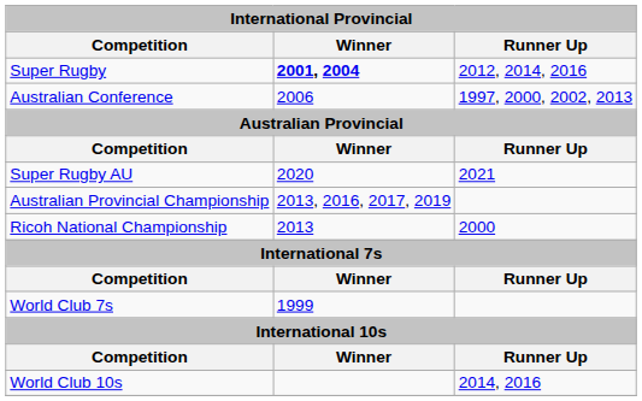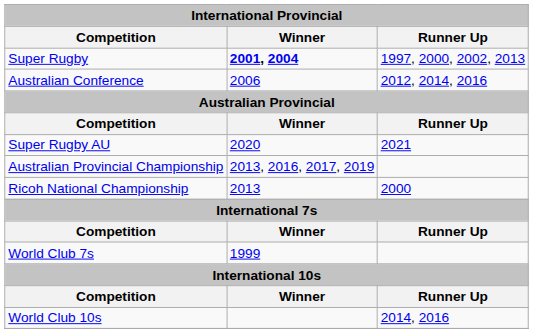 <table class="wikitable" style="text-align:left;margin-left:1em;cellpadding:5;font-size:90%">
 <tr>
 <td bgcolor="#c3c3c3" colspan="3" align="center"><strong>International Provincial</strong></td>
 </tr>
 <tr>
 <th>Competition</th>
 <th>Winner</th>
 <th>Runner Up</th>
 </tr>
 <tr>
 <td><a href='#'>Super Rugby</a></td>
 <td><strong><a href='#'>2001</a>, <a href='#'>2004</a></strong></td>
-<td><a href='#'>2012</a>, <a href='#'>2014</a>, <a href='#'>2016</a></td>
+<td><a href='#'>1997</a>, <a href='#'>2000</a>, <a href='#'>2002</a>, <a href='#'>2013</a></td>
 </tr>
 <tr>
 <td><a href='#'>Australian Conference</a></td>
 <td><a href='#'>2006</a></td>
-<td><a href='#'>1997</a>, <a href='#'>2000</a>, <a href='#'>2002</a>, <a href='#'>2013</a></td>
+<td><a href='#'>2012</a>, <a href='#'>2014</a>, <a href='#'>2016</a></td>
 </tr>
 <tr>
 <td bgcolor="#c3c3c3" colspan="3" align="center"><strong>Australian Provincial</strong></td>
 </tr>
 <tr>
 <th>Competition</th>
 <th>Winner</th>
 <th>Runner Up</th>
 </tr>
 <tr>
 <td><a href='#'>Super Rugby AU</a></td>
 <td><a href='#'>2020</a></td>
 <td><a href='#'>2021</a></td>
 </tr>
 <tr>
 <td><a href='#'>Australian Provincial Championship</a></td>
 <td><a href='#'>2013</a>, <a href='#'>2016</a>, <a href='#'>2017</a>, <a href='#'>2019</a></td>
 <td></td>
 </tr>
 <tr>
 <td><a href='#'>Ricoh National Championship</a></td>
 <td><a href='#'>2013</a></td>
 <td><a href='#'>2000</a></td>
 </tr>
 <tr>
 <td bgcolor="#c3c3c3" colspan="3" align="center"><strong>International 7s</strong></td>
 </tr>
 <tr>
 <th>Competition</th>
 <th>Winner</th>
 <th>Runner Up</th>
 </tr>
 <tr>
 <td><a href='#'>World Club 7s</a></td>
 <td><a href='#'>1999</a></td>
 <td></td>
 </tr>
 <tr>
 <td bgcolor="#c3c3c3" colspan="3" align="center"><strong>International 10s</strong></td>
 </tr>
 <tr>
 <th>Competition</th>
 <th>Winner</th>
 <th>Runner Up</th>
 </tr>
 <tr>
 <td><a href='#'>World Club 10s</a></td>
 <td></td>
 <td><a href='#'>2014</a>, <a href='#'>2016</a></td>
 </tr>
 <tr>
 </tr>
 </table>
